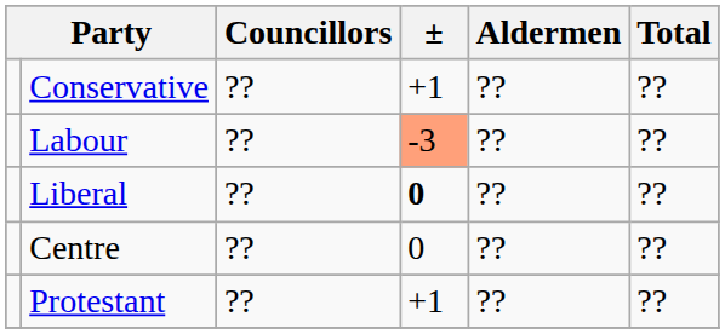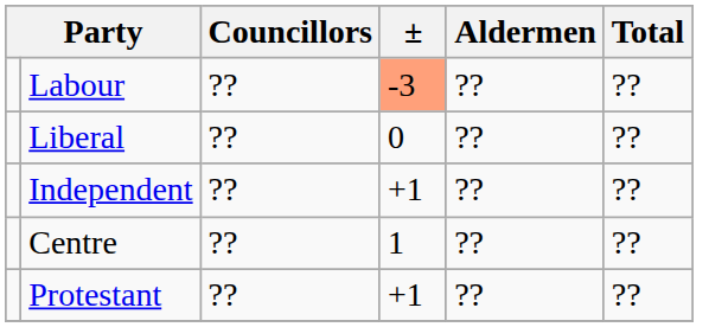 <table class="wikitable">
 <tr>
 <th colspan="2">Party</th>
 <th>Councillors</th>
 <th>  ±  </th>
 <th>Aldermen</th>
 <th>Total</th>
-</tr>
-<tr>
-<td style="background-color: "></td>
-<td><a href='#'>Conservative</a></td>
-<td>??</td>
-<td>+1</td>
-<td>??</td>
-<td>??</td>
 </tr>
 <tr>
 <td style="background-color: "></td>
 <td><a href='#'>Labour</a></td>
 <td>??</td>
 <td style="background: lightsalmon;">-3</td>
 <td>??</td>
 <td>??</td>
 </tr>
 <tr>
 <td style="background-color: "></td>
 <td><a href='#'>Liberal</a></td>
 <td>??</td>
-<td><strong>0</strong></td>
+<td>0</td>
+<td>??</td>
+<td>??</td>
+</tr>
+<tr>
+<td style="background-color: "></td>
+<td><a href='#'>Independent</a></td>
+<td>??</td>
+<td>+1</td>
 <td>??</td>
 <td>??</td>
 </tr>
 <tr>
 <td style="background-color: "></td>
 <td>Centre</td>
 <td>??</td>
-<td>0</td>
+<td>1</td>
 <td>??</td>
 <td>??</td>
 </tr>
 <tr>
 <td style="background-color: "></td>
 <td><a href='#'>Protestant</a></td>
 <td>??</td>
 <td>+1</td>
 <td>??</td>
 <td>??</td>
 </tr>
 <tr>
 </tr>
 </table>
